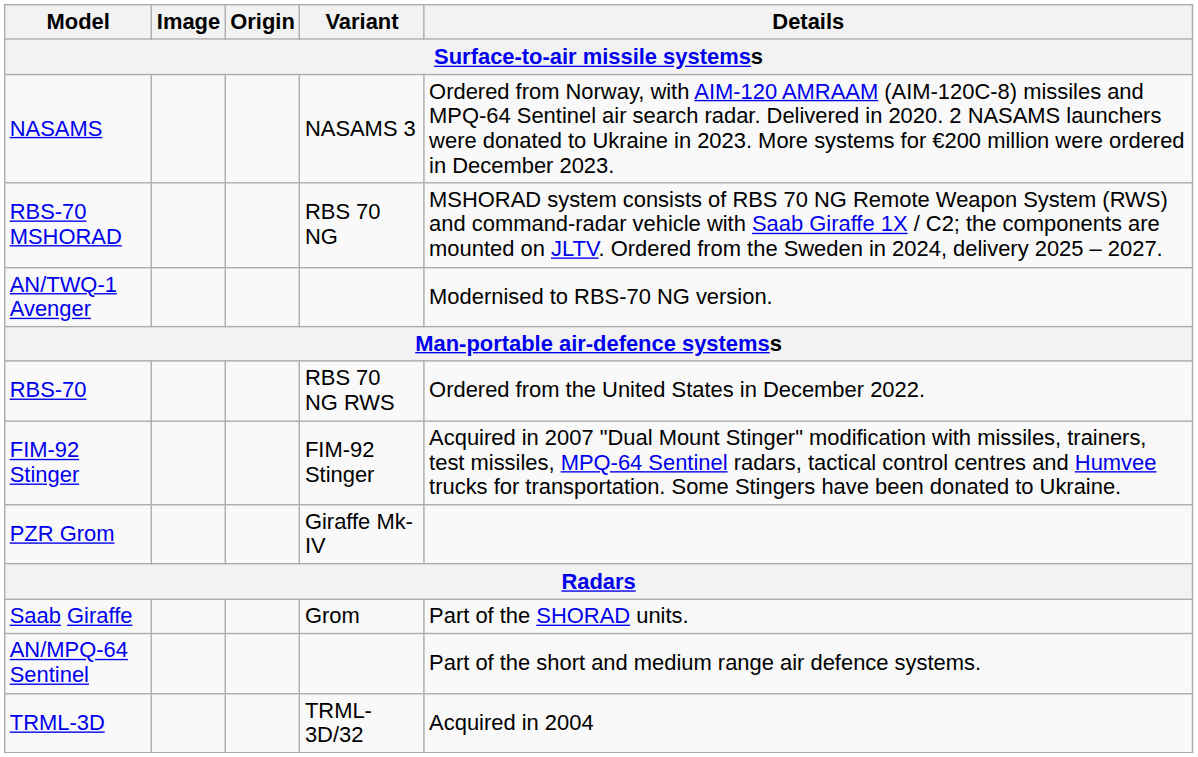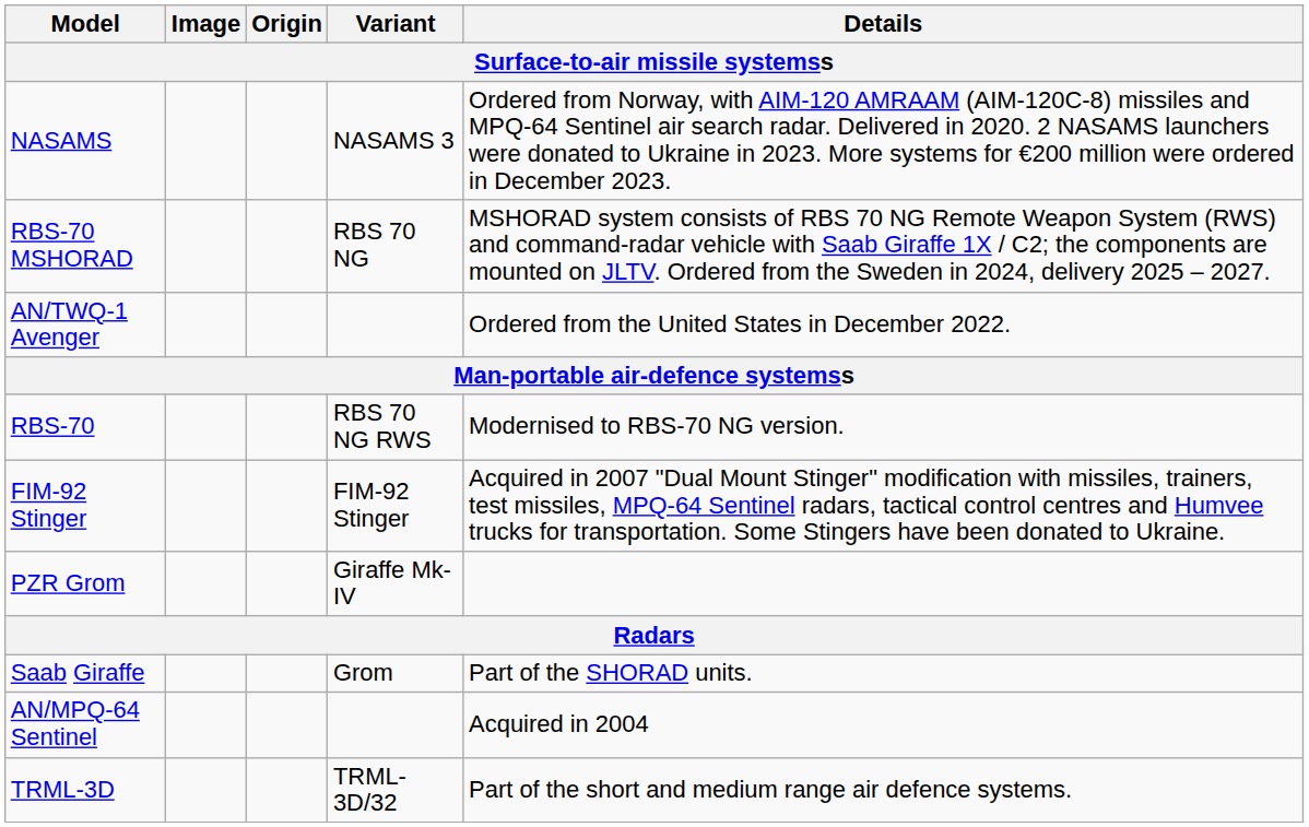 <table class="wikitable">
 <tr>
 <th>Model</th>
 <th>Image</th>
 <th>Origin</th>
 <th>Variant</th>
 <th>Details</th>
 </tr>
 <tr>
 <th style="align: center;" colspan="7"><a href='#'>Surface-to-air missile systems</a>s</th>
 </tr>
 <tr>
 <td><a href='#'>NASAMS</a></td>
 <td></td>
 <td></td>
 <td>NASAMS 3</td>
 <td>Ordered from Norway, with <a href='#'>AIM-120 AMRAAM</a> (AIM-120C-8) missiles and MPQ-64 Sentinel air search radar. Delivered in 2020. 2 NASAMS launchers were donated to Ukraine in 2023. More systems for €200 million were ordered in December 2023.</td>
 </tr>
 <tr>
 <td><a href='#'>RBS-70 MSHORAD</a></td>
 <td></td>
 <td></td>
 <td>RBS 70 NG</td>
 <td>MSHORAD system consists of RBS 70 NG Remote Weapon System (RWS) and command-radar vehicle with <a href='#'>Saab Giraffe 1X</a> / C2; the components are mounted on <a href='#'>JLTV</a>. Ordered from the Sweden in 2024, delivery 2025 – 2027.</td>
 </tr>
 <tr>
 <td><a href='#'>AN/TWQ-1 Avenger</a></td>
 <td></td>
 <td></td>
 <td></td>
-<td>Modernised to RBS-70 NG version.</td>
+<td>Ordered from the United States in December 2022.</td>
 </tr>
 <tr>
 <th style="align: center;" colspan="7"><a href='#'>Man-portable air-defence systems</a>s</th>
 </tr>
 <tr>
 <td><a href='#'>RBS-70</a></td>
 <td></td>
 <td></td>
 <td>RBS 70 NG RWS</td>
-<td>Ordered from the United States in December 2022.</td>
+<td>Modernised to RBS-70 NG version.</td>
 </tr>
 <tr>
 <td><a href='#'>FIM-92 Stinger</a></td>
 <td></td>
 <td></td>
 <td>FIM-92 Stinger</td>
 <td>Acquired in 2007 "Dual Mount Stinger" modification with  missiles,  trainers,  test missiles, <a href='#'>MPQ-64 Sentinel</a> radars, tactical control centres and <a href='#'>Humvee</a> trucks for transportation. Some Stingers have been donated to Ukraine.</td>
 </tr>
 <tr>
 <td><a href='#'>PZR Grom</a></td>
 <td></td>
 <td></td>
 <td>Giraffe Mk-IV</td>
 <td></td>
 </tr>
 <tr>
 <th style="align: center;" colspan="7"><a href='#'>Radars</a></th>
 </tr>
 <tr>
 <td><a href='#'>Saab</a> <a href='#'>Giraffe</a></td>
 <td></td>
 <td></td>
 <td>Grom</td>
 <td>Part of the <a href='#'>SHORAD</a> units.</td>
 </tr>
 <tr>
 <td><a href='#'>AN/MPQ-64 Sentinel</a></td>
 <td></td>
 <td></td>
 <td></td>
-<td>Part of the short and medium range air defence systems.</td>
+<td>Acquired in 2004 </td>
 </tr>
 <tr>
 <td><a href='#'>TRML-3D</a></td>
 <td></td>
 <td></td>
 <td>TRML-3D/32</td>
-<td>Acquired in 2004 </td>
+<td>Part of the short and medium range air defence systems.</td>
 </tr>
 <tr>
 </tr>
 </table>
